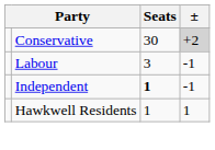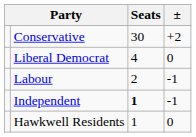 <table class="wikitable">
 <tr>
 <th colspan="2">Party</th>
 <th>Seats</th>
 <th>  ±  </th>
 </tr>
 <tr>
 <td style="background-color: "></td>
 <td><a href='#'>Conservative</a></td>
 <td>30</td>
-<td style="background: lightgrey;">+2</td>
+<td>+2</td>
+</tr>
+<tr>
+<td style="background-color: "></td>
+<td><a href='#'>Liberal Democrat</a></td>
+<td>4</td>
+<td>0</td>
 </tr>
 <tr>
 <td style="background-color: "></td>
 <td><a href='#'>Labour</a></td>
-<td>3</td>
+<td>2</td>
 <td>-1</td>
 </tr>
 <tr>
 <td style="background-color: "></td>
 <td><a href='#'>Independent</a></td>
 <td><strong>1</strong></td>
 <td>-1</td>
 </tr>
 <tr>
 <td style="background-color: "></td>
 <td>Hawkwell Residents</td>
 <td>1</td>
-<td>1</td>
+<td>0</td>
 </tr>
 </table>
